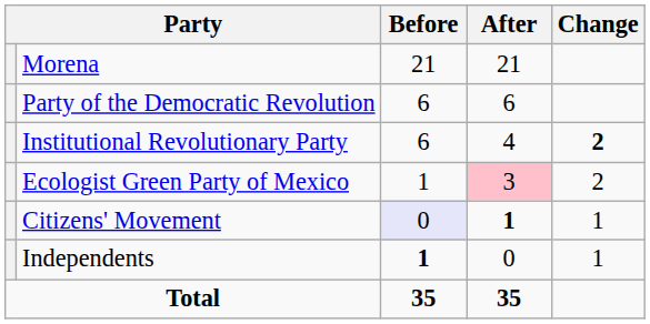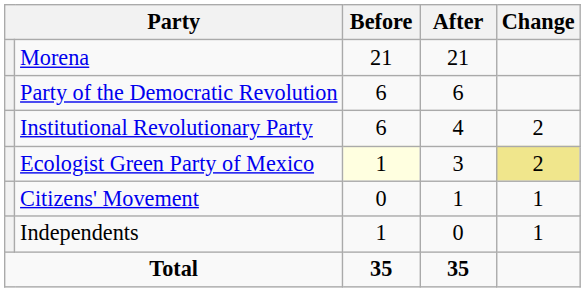 <table class="wikitable" style="text-align:center;">
 <tr>
 <th colspan="2">Party</th>
 <th style="width:3em">Before</th>
 <th style="width:3em">After</th>
 <th style="width:3em">Change</th>
 </tr>
 <tr>
 <th style="background-color:"></th>
 <td style="text-align:left;"><a href='#'>Morena</a></td>
 <td>21</td>
 <td>21</td>
 <td></td>
 </tr>
 <tr>
 <th style="background-color:"></th>
 <td style="text-align:left;"><a href='#'>Party of the Democratic Revolution</a></td>
 <td>6</td>
 <td>6</td>
 <td></td>
 </tr>
 <tr>
 <th style="background-color:"></th>
 <td style="text-align:left;"><a href='#'>Institutional Revolutionary Party</a></td>
 <td>6</td>
 <td>4</td>
-<td><strong>2</strong></td>
+<td>2</td>
 </tr>
 <tr>
 <th style="background-color:"></th>
 <td style="text-align:left;"><a href='#'>Ecologist Green Party of Mexico</a></td>
-<td>1</td>
-<td style="background: pink;">3</td>
-<td>2</td>
+<td style="background: lightyellow;">1</td>
+<td>3</td>
+<td style="background: khaki;">2</td>
 </tr>
 <tr>
 <th style="background-color:"></th>
 <td style="text-align:left;"><a href='#'>Citizens' Movement</a></td>
-<td style="background: lavender;">0</td>
-<td><strong>1</strong></td>
+<td>0</td>
+<td>1</td>
 <td>1</td>
 </tr>
 <tr>
 <th style="background-color:"></th>
 <td style="text-align:left;">Independents</td>
-<td><strong>1</strong></td>
+<td>1</td>
 <td>0</td>
 <td>1</td>
 </tr>
 <tr>
 <td colspan="2"><strong>Total</strong></td>
 <td><strong>35</strong></td>
 <td><strong>35</strong></td>
 <td></td>
 </tr>
 </table>
